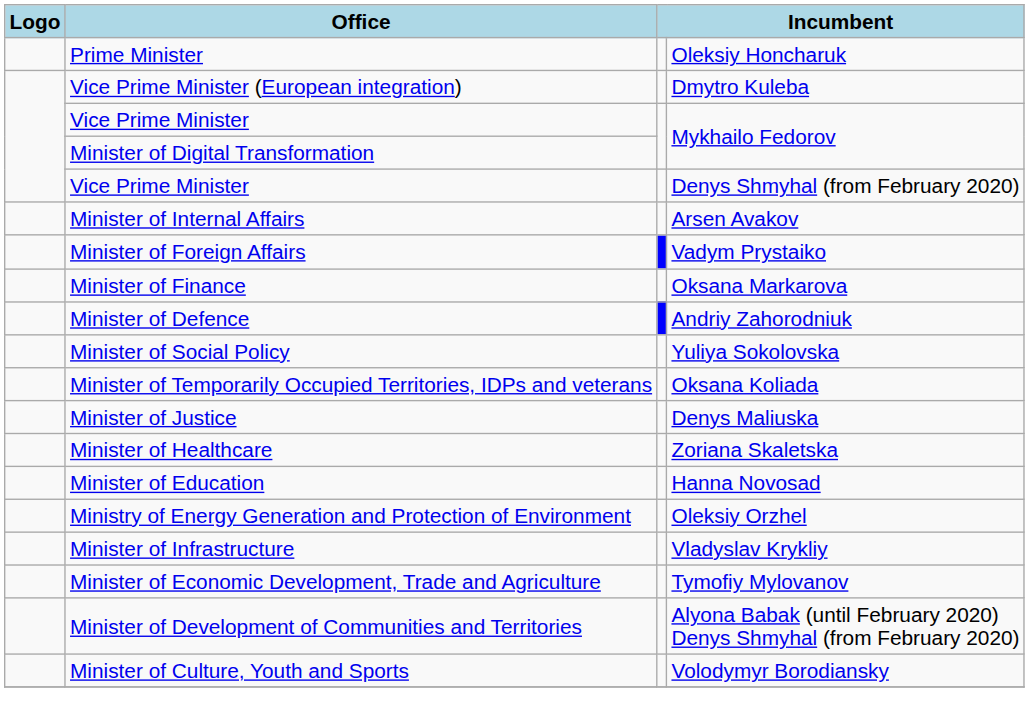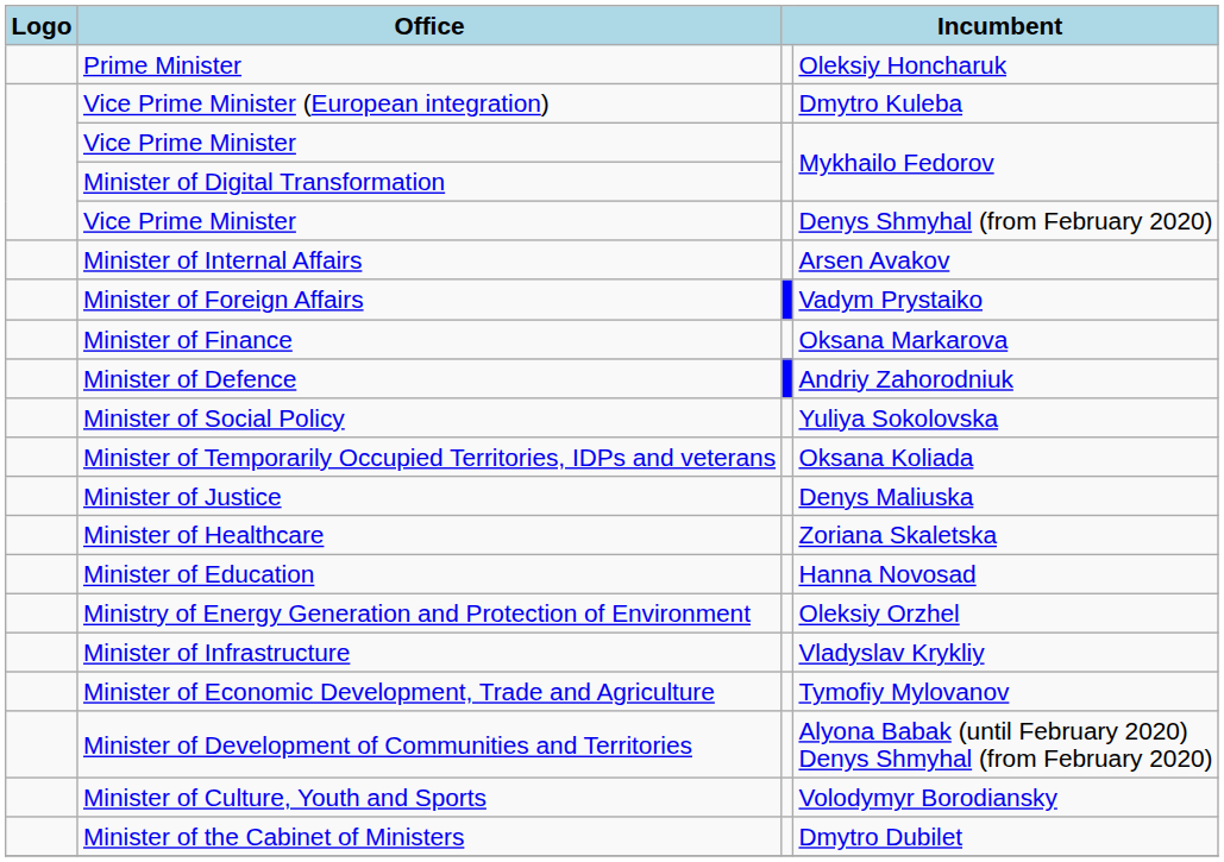 <table class="wikitable" style="font-size: 95%;">
 <tr>
 <th colspan=1 style="background-color:#ADD8E6">Logo</th>
 <th colspan=1 style="background-color:#ADD8E6">Office</th>
 <th colspan=2 style="background-color:#ADD8E6">Incumbent</th>
 </tr>
 <tr>
 <td></td>
 <td><a href='#'>Prime Minister</a></td>
 <td style= "background: "></td>
 <td><a href='#'>Oleksiy Honcharuk</a></td>
 </tr>
 <tr>
 <td rowspan=4></td>
 <td><a href='#'>Vice Prime Minister</a> (<a href='#'>European integration</a>)</td>
 <td style="background: "></td>
 <td><a href='#'>Dmytro Kuleba</a></td>
 </tr>
 <tr>
 <td><a href='#'>Vice Prime Minister</a></td>
 <td rowspan=2; style="background:"></td>
 <td rowspan=2><a href='#'>Mykhailo Fedorov</a></td>
 </tr>
 <tr>
 <td><a href='#'>Minister of Digital Transformation</a></td>
 </tr>
 <tr>
 <td><a href='#'>Vice Prime Minister</a></td>
 <td style="background: "></td>
 <td><a href='#'>Denys Shmyhal</a> (from February 2020)</td>
 </tr>
 <tr>
 <td></td>
 <td><a href='#'>Minister of Internal Affairs</a></td>
 <td style="background:"></td>
 <td><a href='#'>Arsen Avakov</a></td>
 </tr>
 <tr>
 <td></td>
 <td><a href='#'>Minister of Foreign Affairs</a></td>
 <td style="background:blue"></td>
 <td><a href='#'>Vadym Prystaiko</a></td>
 </tr>
 <tr>
 <td></td>
 <td><a href='#'>Minister of Finance</a></td>
 <td style= "background: "></td>
 <td><a href='#'>Oksana Markarova</a></td>
 </tr>
 <tr>
 <td></td>
 <td><a href='#'>Minister of Defence</a></td>
 <td style="background:blue"></td>
 <td><a href='#'>Andriy Zahorodniuk</a></td>
 </tr>
 <tr>
 <td></td>
 <td><a href='#'>Minister of Social Policy</a></td>
 <td style= "background: "></td>
 <td><a href='#'>Yuliya Sokolovska</a></td>
 </tr>
 <tr>
 <td></td>
 <td><a href='#'>Minister of Temporarily Occupied Territories, IDPs and veterans</a></td>
 <td style= "background: "></td>
 <td><a href='#'>Oksana Koliada</a></td>
 </tr>
 <tr>
 <td></td>
 <td><a href='#'>Minister of Justice</a></td>
 <td style="background:"></td>
 <td><a href='#'>Denys Maliuska</a></td>
 </tr>
 <tr>
 <td></td>
 <td><a href='#'>Minister of Healthcare</a></td>
 <td style=></td>
 <td><a href='#'>Zoriana Skaletska</a></td>
 </tr>
 <tr>
 <td></td>
 <td><a href='#'>Minister of Education</a></td>
 <td style="background:"></td>
 <td><a href='#'>Hanna Novosad</a></td>
 </tr>
 <tr>
 <td></td>
 <td><a href='#'>Ministry of Energy Generation and Protection of Environment</a></td>
 <td style="background:"></td>
 <td><a href='#'>Oleksiy Orzhel</a></td>
 </tr>
 <tr>
 <td></td>
 <td><a href='#'>Minister of Infrastructure</a></td>
 <td style="background:"></td>
 <td><a href='#'>Vladyslav Krykliy</a></td>
 </tr>
 <tr>
 <td></td>
 <td><a href='#'>Minister of Economic Development, Trade and Agriculture</a></td>
 <td style="background: "></td>
 <td><a href='#'>Tymofiy Mylovanov</a></td>
 </tr>
 <tr>
 <td></td>
 <td><a href='#'>Minister of Development of Communities and Territories</a></td>
 <td style="background:"></td>
 <td><a href='#'>Alyona Babak</a> (until February 2020)<br><a href='#'>Denys Shmyhal</a> (from February 2020)</td>
 </tr>
 <tr>
 <td></td>
 <td><a href='#'>Minister of Culture, Youth and Sports</a></td>
 <td style= "background: "></td>
 <td><a href='#'>Volodymyr Borodiansky</a></td>
 </tr>
 <tr>
+<td></td>
+<td><a href='#'>Minister of the Cabinet of Ministers</a></td>
+<td style= "background: "></td>
+<td><a href='#'>Dmytro Dubilet</a></td>
+</tr>
+<tr>
 </tr>
 </table>
